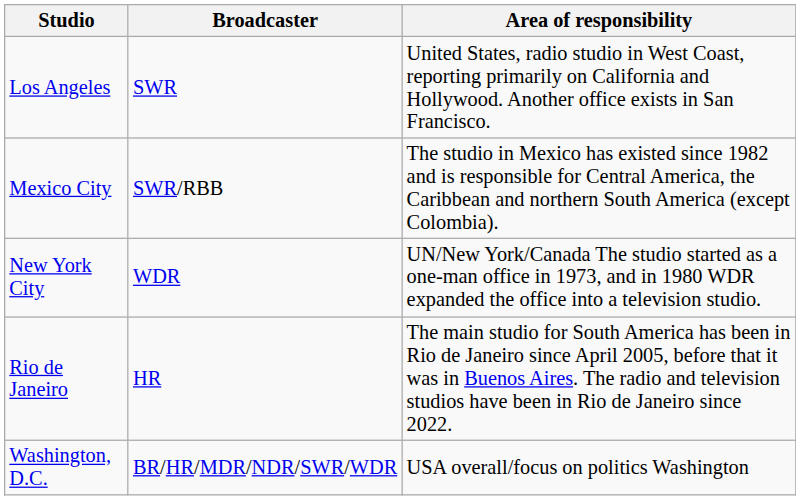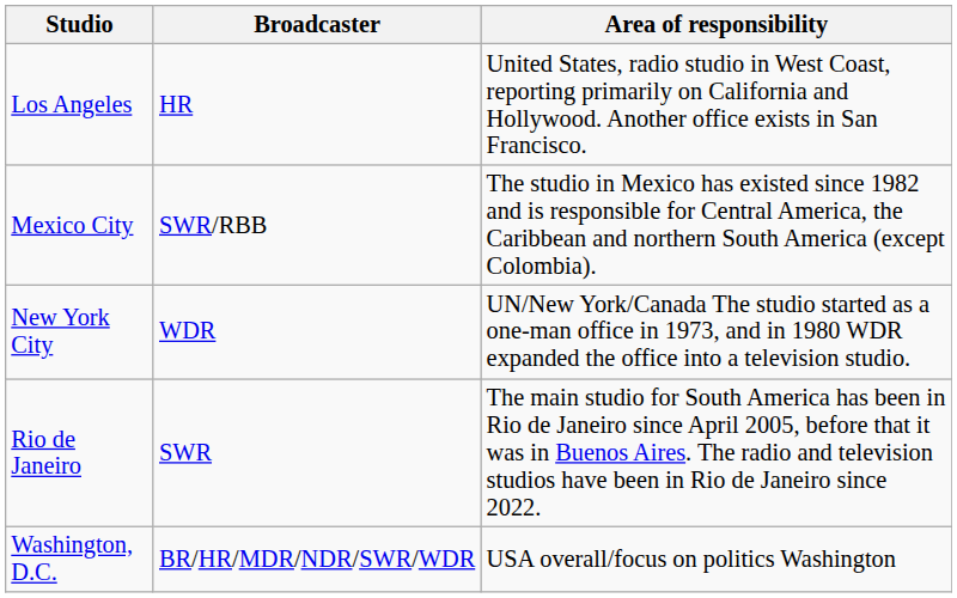 <table class="wikitable sortable" style="width:100%;">
 <tr>
 <th style="width:90px;">Studio</th>
 <th style="width:75px;">Broadcaster</th>
 <th class="unsortable">Area of responsibility</th>
 </tr>
 <tr>
 <td><a href='#'>Los Angeles</a></td>
-<td><a href='#'>SWR</a></td>
+<td><a href='#'>HR</a></td>
 <td>United States, radio studio in West Coast, reporting primarily on California and Hollywood. Another office exists in San Francisco.</td>
 </tr>
 <tr>
 <td><a href='#'>Mexico City</a></td>
 <td><a href='#'>SWR</a>/RBB</td>
 <td>The studio in Mexico has existed since 1982 and is responsible for Central America, the Caribbean and northern South America (except Colombia).</td>
 </tr>
 <tr>
 <td><a href='#'>New York City</a></td>
 <td><a href='#'>WDR</a></td>
 <td>UN/New York/Canada The studio started as a one-man office in 1973, and in 1980 WDR expanded the office into a television studio.</td>
 </tr>
 <tr>
 <td><a href='#'>Rio de Janeiro</a></td>
-<td><a href='#'>HR</a></td>
+<td><a href='#'>SWR</a></td>
 <td>The main studio for South America has been in Rio de Janeiro since April 2005, before that it was in <a href='#'>Buenos Aires</a>. The radio and television studios have been in Rio de Janeiro since 2022.</td>
 </tr>
 <tr>
 <td><a href='#'>Washington, D.C.</a></td>
 <td><a href='#'>BR</a>/<a href='#'>HR</a>/<a href='#'>MDR</a>/<a href='#'>NDR</a>/<a href='#'>SWR</a>/<a href='#'>WDR</a></td>
 <td>USA overall/focus on politics Washington</td>
 </tr>
 </table>
